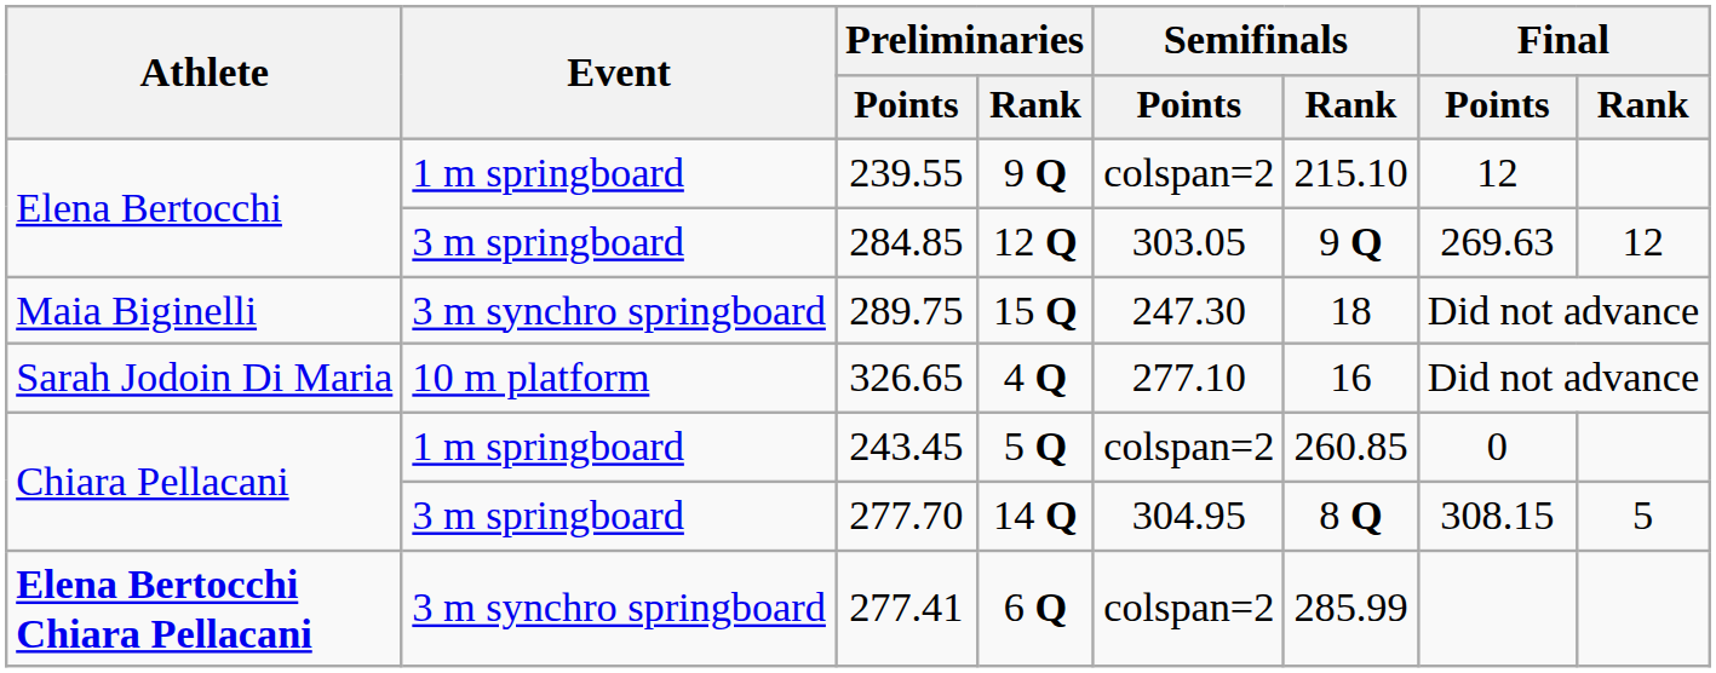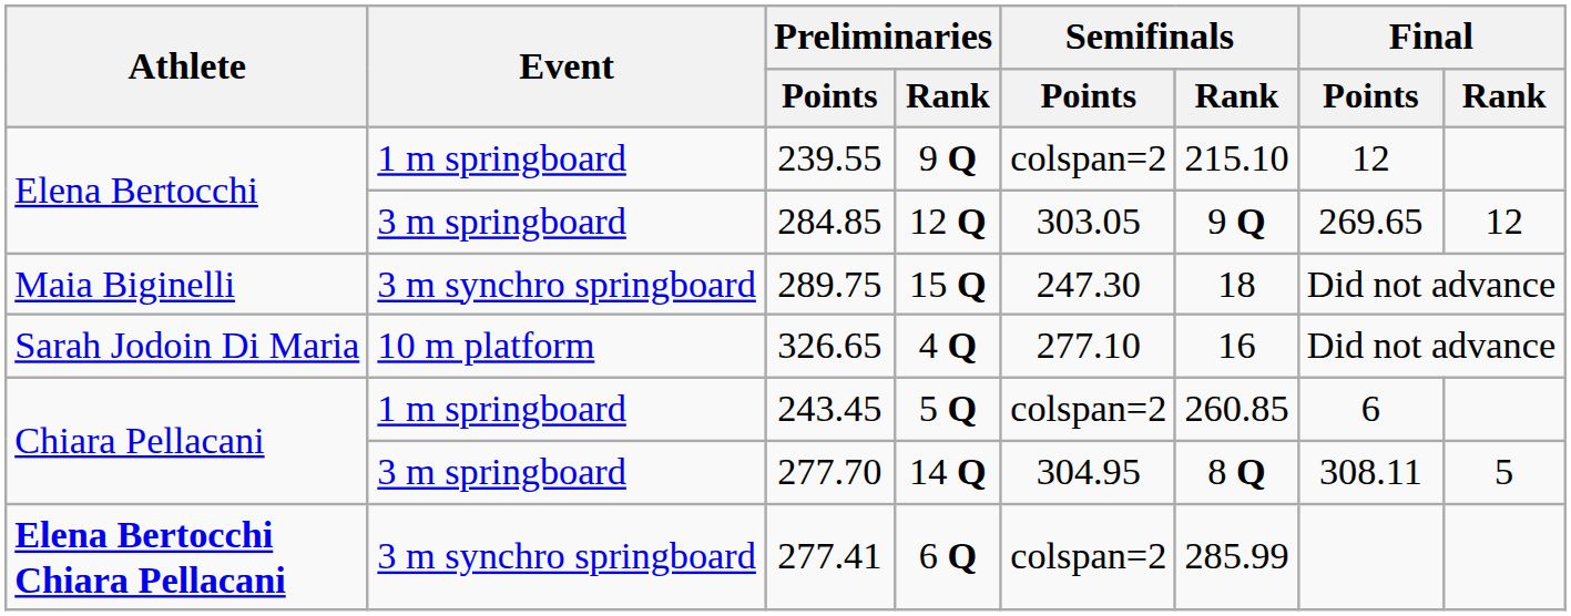 <table class="wikitable" style="text-align:center; font-size:90%">
 <tr>
 <th rowspan=2>Athlete</th>
 <th rowspan=2>Event</th>
 <th colspan=2>Preliminaries</th>
 <th colspan=2>Semifinals</th>
 <th colspan=2>Final</th>
 </tr>
 <tr style="font-size:95%">
 <th>Points</th>
 <th>Rank</th>
 <th>Points</th>
 <th>Rank</th>
 <th>Points</th>
 <th>Rank</th>
 </tr>
 <tr>
 <td align=left rowspan=2><a href='#'>Elena Bertocchi</a></td>
 <td align=left><a href='#'>1 m springboard</a></td>
 <td>239.55</td>
 <td>9 <strong>Q</strong></td>
 <td>colspan=2 </td>
 <td>215.10</td>
 <td>12</td>
 </tr>
 <tr>
 <td align=left><a href='#'>3 m springboard</a></td>
 <td>284.85</td>
 <td>12 <strong>Q</strong></td>
 <td>303.05</td>
 <td>9 <strong>Q</strong></td>
-<td>269.63</td>
+<td>269.65</td>
 <td>12</td>
 </tr>
 <tr>
 <td align=left><a href='#'>Maia Biginelli</a></td>
 <td align=left><a href='#'>3 m synchro springboard</a></td>
 <td>289.75</td>
 <td>15 <strong>Q</strong></td>
 <td>247.30</td>
 <td>18</td>
 <td colspan=2>Did not advance</td>
 </tr>
 <tr>
 <td align=left><a href='#'>Sarah Jodoin Di Maria</a></td>
 <td align=left><a href='#'>10 m platform</a></td>
 <td>326.65</td>
 <td>4 <strong>Q</strong></td>
 <td>277.10</td>
 <td>16</td>
 <td colspan=2>Did not advance</td>
 </tr>
 <tr>
 <td align=left rowspan=2><a href='#'>Chiara Pellacani</a></td>
 <td align=left><a href='#'>1 m springboard</a></td>
 <td>243.45</td>
 <td>5 <strong>Q</strong></td>
 <td>colspan=2 </td>
 <td>260.85</td>
-<td>0</td>
+<td>6</td>
 </tr>
 <tr>
 <td align=left><a href='#'>3 m springboard</a></td>
 <td>277.70</td>
 <td>14 <strong>Q</strong></td>
 <td>304.95</td>
 <td>8 <strong>Q</strong></td>
-<td>308.15</td>
+<td>308.11</td>
 <td>5</td>
 </tr>
 <tr>
 <td align=left><strong><a href='#'>Elena Bertocchi</a><br> <a href='#'>Chiara Pellacani</a></strong></td>
 <td align=left><a href='#'>3 m synchro springboard</a></td>
 <td>277.41</td>
 <td>6 <strong>Q</strong></td>
 <td>colspan=2 </td>
 <td>285.99</td>
 <td></td>
 </tr>
 </table>
